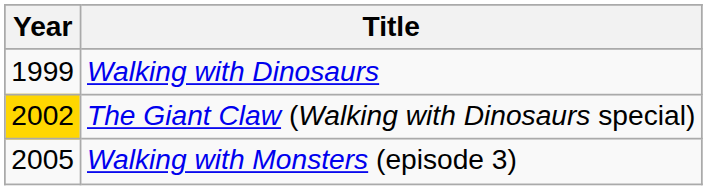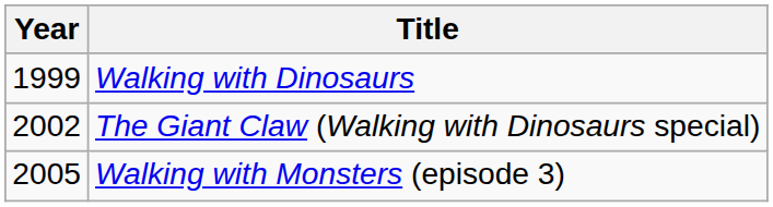 <table class="wikitable">
 <tr>
 <th>Year</th>
 <th>Title</th>
 </tr>
 <tr>
 <td>1999</td>
 <td><em><a href='#'>Walking with Dinosaurs</a></em></td>
 </tr>
 <tr>
-<td style="background: gold;">2002</td>
+<td>2002</td>
 <td><em><a href='#'>The Giant Claw</a></em> (<em>Walking with Dinosaurs</em> special)</td>
 </tr>
 <tr>
 <td>2005</td>
 <td><em><a href='#'>Walking with Monsters</a></em> (episode 3)</td>
 </tr>
 </table>
